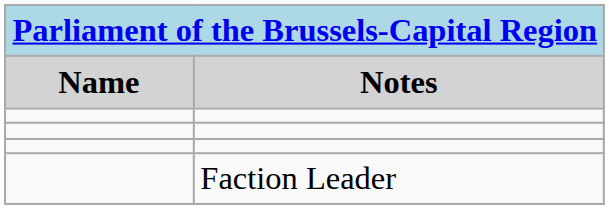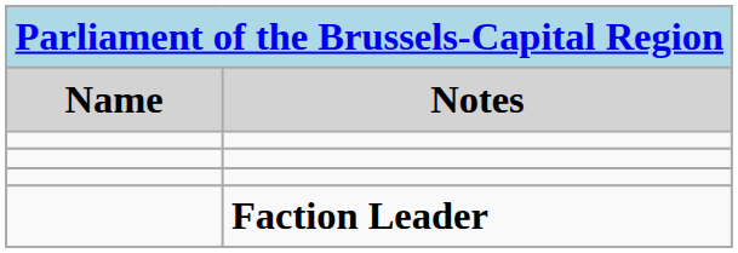 <table class="wikitable">
 <tr>
 <th style="background:LightBlue;" colspan="4"><a href='#'>Parliament of the Brussels-Capital Region</a></th>
 </tr>
 <tr>
 <th style="background:LightGrey;">Name</th>
 <th style="background:LightGrey;">Notes</th>
 </tr>
 <tr>
 <td></td>
 <td></td>
 </tr>
 <tr>
 <td></td>
 <td></td>
 </tr>
 <tr>
 <td></td>
 <td></td>
 </tr>
 <tr>
 <td></td>
-<td>Faction Leader</td>
+<td><strong>Faction Leader</strong></td>
 </tr>
 </table>
